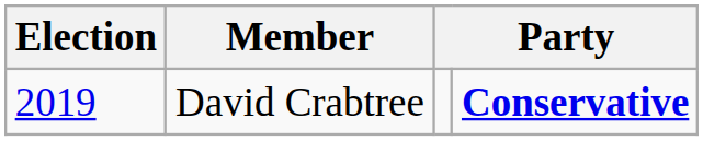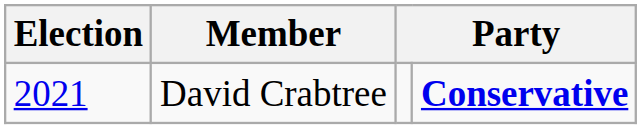 <table class="wikitable">
 <tr>
 <th>Election</th>
 <th>Member</th>
 <th colspan="2">Party</th>
 </tr>
 <tr>
-<td><a href='#'>2019</a></td>
+<td><a href='#'>2021</a></td>
 <td>David Crabtree</td>
 <td style="background-color: "></td>
 <td><strong><a href='#'>Conservative</a></strong></td>
 </tr>
 </table>
